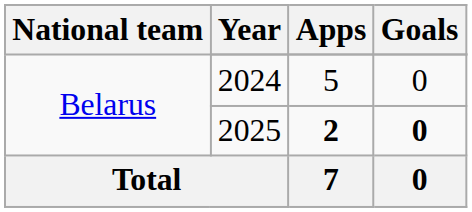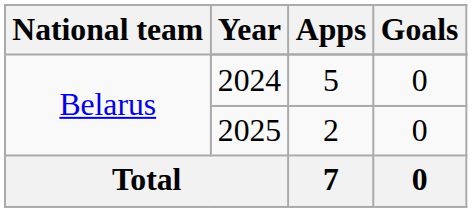 <table class="wikitable" style="text-align:center">
 <tr>
 <th>National team</th>
 <th>Year</th>
 <th>Apps</th>
 <th>Goals</th>
 </tr>
 <tr>
 <td rowspan=3><a href='#'>Belarus</a></td>
 </tr>
 <tr>
 <td>2024</td>
 <td>5</td>
 <td>0</td>
 </tr>
 <tr>
 <td>2025</td>
-<td><strong>2</strong></td>
-<td><strong>0</strong></td>
+<td>2</td>
+<td>0</td>
 </tr>
 <tr>
 <th colspan="2">Total</th>
 <th>7</th>
 <th>0</th>
 </tr>
 </table>
